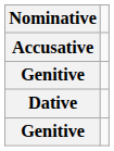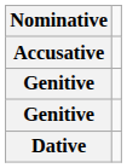 <table class="wikitable">
 <tr>
 <th>Nominative</th>
 <td></td>
 </tr>
 <tr>
 <th>Accusative</th>
 <td></td>
 </tr>
 <tr>
 <th>Genitive</th>
 <td></td>
 </tr>
 <tr>
+<th>Genitive</th>
+<td></td>
+</tr>
+<tr>
 <th>Dative</th>
 <td></td>
 </tr>
-<tr>
-<th>Genitive</th>
-<td></td>
-</tr>
 </table>
